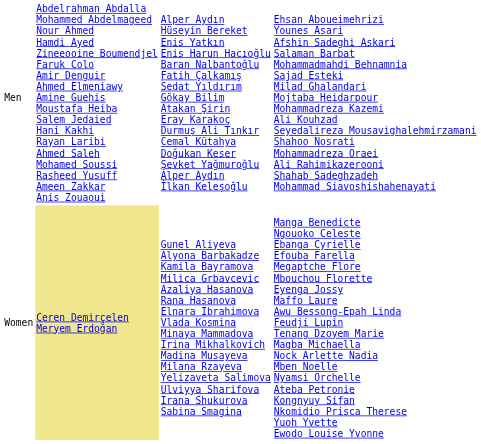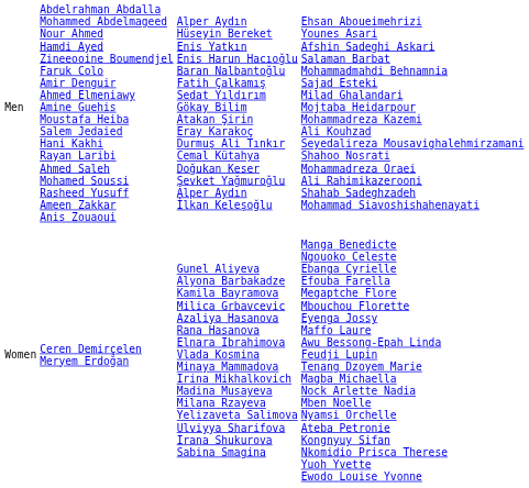 <table>
 <tr>
 <td>Men</td>
 <td><br><a href='#'>Abdelrahman Abdalla</a><br><a href='#'>Mohammed Abdelmageed</a><br><a href='#'>Nour Ahmed</a><br><a href='#'>Hamdi Ayed</a><br><a href='#'>Zineeooine Boumendjel</a><br><a href='#'>Faruk Colo</a><br><a href='#'>Amir Denguir</a><br><a href='#'>Ahmed Elmeniawy</a><br><a href='#'>Amine Guehis</a><br><a href='#'>Moustafa Heiba</a><br><a href='#'>Salem Jedaied</a><br><a href='#'>Hani Kakhi</a><br><a href='#'>Rayan Laribi</a><br><a href='#'>Ahmed Saleh</a><br><a href='#'>Mohamed Soussi</a><br><a href='#'>Rasheed Yusuff</a><br><a href='#'>Ameen Zakkar</a><br><a href='#'>Anis Zouaoui</a></td>
 <td><br><a href='#'>Alper Aydın</a><br><a href='#'>Hüseyin Bereket</a><br><a href='#'>Enis Yatkın</a><br><a href='#'>Enis Harun Hacıoğlu</a><br><a href='#'>Baran Nalbantoğlu</a><br><a href='#'>Fatih Çalkamış</a><br><a href='#'>Sedat Yıldırım</a><br><a href='#'>Gökay Bilim</a><br><a href='#'>Atakan Şirin</a><br><a href='#'>Eray Karakoç</a><br><a href='#'>Durmuş Ali Tınkır</a><br><a href='#'>Cemal Kütahya</a><br><a href='#'>Doğukan Keser</a><br><a href='#'>Şevket Yağmuroğlu</a><br><a href='#'>Alper Aydın</a><br><a href='#'>İlkan Keleşoğlu</a></td>
 <td><br><a href='#'>Ehsan Aboueimehrizi</a><br><a href='#'>Younes Asari</a><br><a href='#'>Afshin Sadeghi Askari</a><br><a href='#'>Salaman Barbat</a><br><a href='#'>Mohammadmahdi Behnamnia</a><br><a href='#'>Sajad Esteki</a><br><a href='#'>Milad Ghalandari</a><br><a href='#'>Mojtaba Heidarpour</a><br><a href='#'>Mohammadreza Kazemi</a><br><a href='#'>Ali Kouhzad</a><br><a href='#'>Seyedalireza Mousavighalehmirzamani</a><br><a href='#'>Shahoo Nosrati</a><br><a href='#'>Mohammadreza Oraei</a><br><a href='#'>Ali Rahimikazerooni</a><br><a href='#'>Shahab Sadeghzadeh</a><br><a href='#'>Mohammad Siavoshishahenayati</a></td>
 </tr>
 <tr>
 <td>Women</td>
-<td style="background: khaki;"><a href='#'>Ceren Demirçelen</a><br><a href='#'>Meryem Erdoğan</a></td>
+<td><a href='#'>Ceren Demirçelen</a><br><a href='#'>Meryem Erdoğan</a></td>
 <td><br><a href='#'>Gunel Aliyeva</a><br><a href='#'>Alyona Barbakadze</a><br><a href='#'>Kamila Bayramova</a><br><a href='#'>Milica Grbavcevic</a><br><a href='#'>Azaliya Hasanova</a><br><a href='#'>Rana Hasanova</a><br><a href='#'>Elnara Ibrahimova</a><br><a href='#'>Vlada Kosmina</a><br><a href='#'>Minaya Mammadova</a><br><a href='#'>Irina Mikhalkovich</a><br><a href='#'>Madina Musayeva</a><br><a href='#'>Milana Rzayeva</a><br><a href='#'>Yelizaveta Salimova</a><br><a href='#'>Ulviyya Sharifova</a><br><a href='#'>Irana Shukurova</a><br><a href='#'>Sabina Smagina</a></td>
 <td valign=top><br><a href='#'>Manga Benedicte</a><br><a href='#'>Ngouoko Celeste</a><br><a href='#'>Ebanga Cyrielle</a><br><a href='#'>Efouba Farella</a><br><a href='#'>Megaptche Flore</a><br><a href='#'>Mbouchou Florette</a><br><a href='#'>Eyenga Jossy</a><br><a href='#'>Maffo Laure</a><br><a href='#'>Awu Bessong-Epah Linda</a><br><a href='#'>Feudji Lupin</a><br><a href='#'>Tenang Dzoyem Marie</a><br><a href='#'>Magba Michaella</a><br><a href='#'>Nock Arlette Nadia</a><br><a href='#'>Mben Noelle</a><br><a href='#'>Nyamsi Orchelle</a><br><a href='#'>Ateba Petronie</a><br><a href='#'>Kongnyuy Sifan</a><br><a href='#'>Nkomidio Prisca Therese</a><br><a href='#'>Yuoh Yvette</a><br><a href='#'>Ewodo Louise Yvonne</a></td>
 </tr>
 </table>
